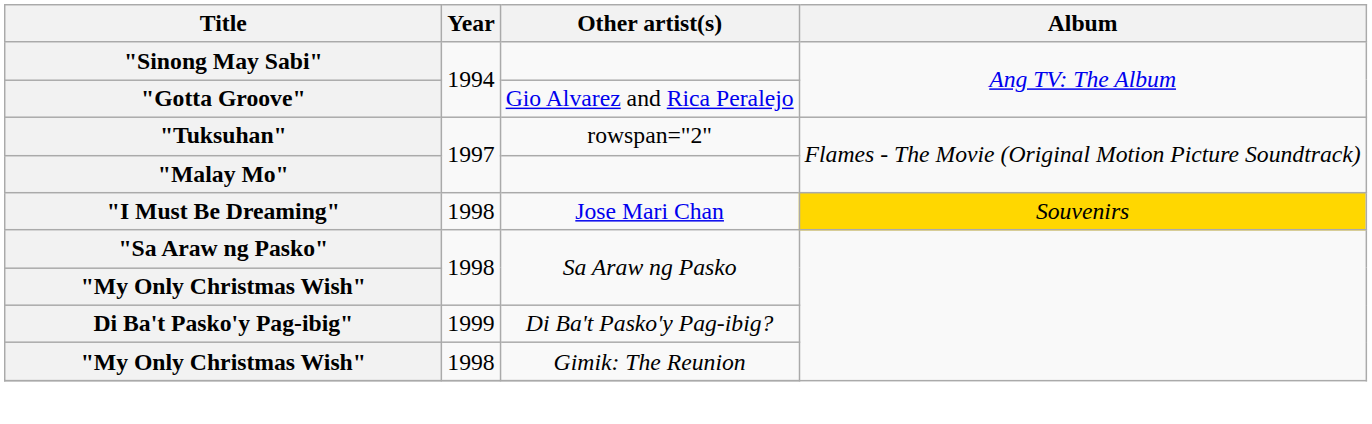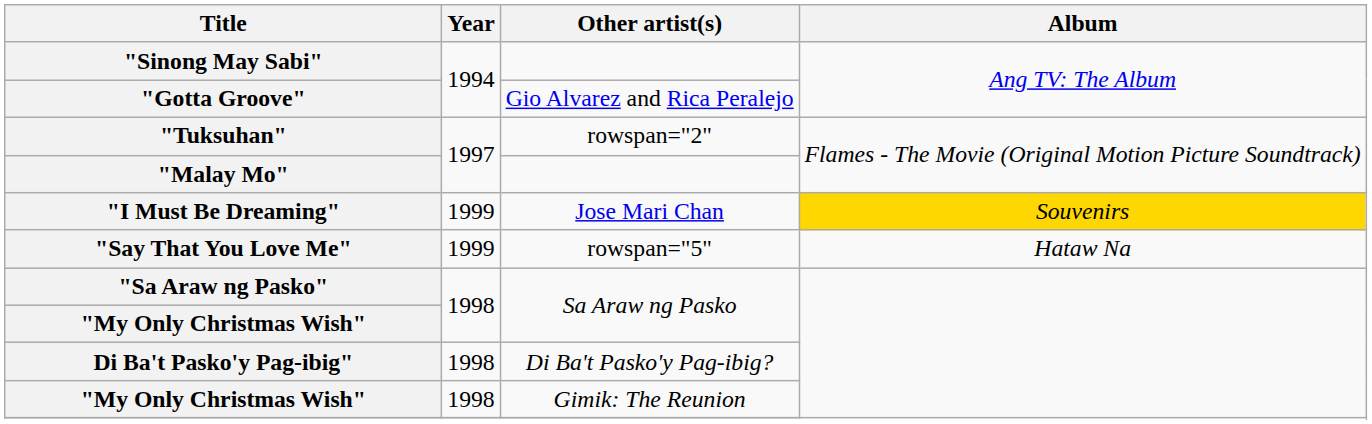 <table class="wikitable plainrowheaders" style="text-align:center;">
 <tr>
 <th scope="col" style="width:18em;">Title</th>
 <th scope="col">Year</th>
 <th scope="col">Other artist(s)</th>
 <th scope="col">Album</th>
 </tr>
 <tr>
 <th scope="row">"Sinong May Sabi"<br></th>
 <td rowspan="2">1994</td>
 <td></td>
 <td rowspan="2"><em><a href='#'>Ang TV: The Album</a></em></td>
 </tr>
 <tr>
 <th scope="row">"Gotta Groove"<br></th>
 <td><a href='#'>Gio Alvarez</a> and <a href='#'>Rica Peralejo</a></td>
 </tr>
 <tr>
 <th scope="row">"Tuksuhan"</th>
 <td rowspan="2">1997</td>
 <td>rowspan="2"  </td>
 <td rowspan="2"><em>Flames - The Movie (Original Motion Picture Soundtrack)</em></td>
 </tr>
 <tr>
 <th scope="row">"Malay Mo"</th>
 </tr>
 <tr>
 <th scope="row">"I Must Be Dreaming"</th>
-<td>1998</td>
+<td>1999</td>
 <td><a href='#'>Jose Mari Chan</a></td>
 <td style="background: gold;"><em>Souvenirs</em></td>
+</tr>
+<tr>
+<th scope="row">"Say That You Love Me"<br></th>
+<td>1999</td>
+<td>rowspan="5" </td>
+<td><em>Hataw Na</em></td>
 </tr>
 <tr>
 <th scope="row">"Sa Araw ng Pasko"<br></th>
 <td rowspan="2">1998</td>
 <td rowspan="2"><em>Sa Araw ng Pasko</em></td>
 </tr>
 <tr>
 <th scope="row">"My Only Christmas Wish"</th>
 </tr>
 <tr>
 <th scope="row">Di Ba't Pasko'y Pag-ibig"<br></th>
-<td>1999</td>
+<td>1998</td>
 <td><em>Di Ba't Pasko'y Pag-ibig?</em></td>
 </tr>
 <tr>
 <th scope="row">"My Only Christmas Wish"</th>
 <td>1998</td>
 <td><em>Gimik: The Reunion</em></td>
 </tr>
 <tr>
 </tr>
 </table>
